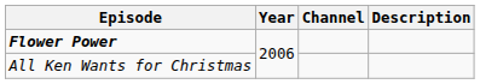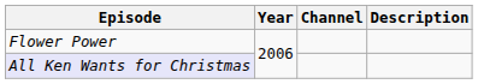 <table class="wikitable sortable">
 <tr>
 <th>Episode</th>
 <th>Year</th>
 <th>Channel</th>
 <th>Description</th>
 </tr>
 <tr>
-<td><strong><em>Flower Power</em></strong></td>
+<td><em>Flower Power</em></td>
 <td rowspan="2">2006</td>
 <td></td>
 <td></td>
 </tr>
 <tr>
-<td><em>All Ken Wants for Christmas </em></td>
+<td style="background: lavender;"><em>All Ken Wants for Christmas </em></td>
 <td></td>
 <td></td>
 </tr>
 </table>
